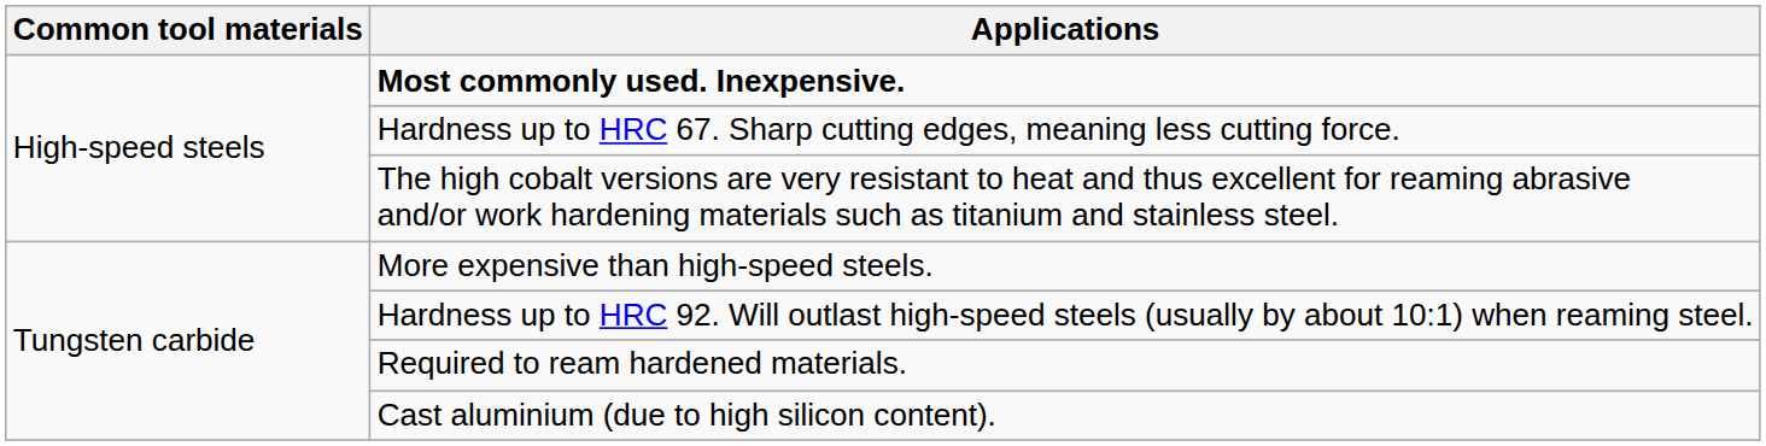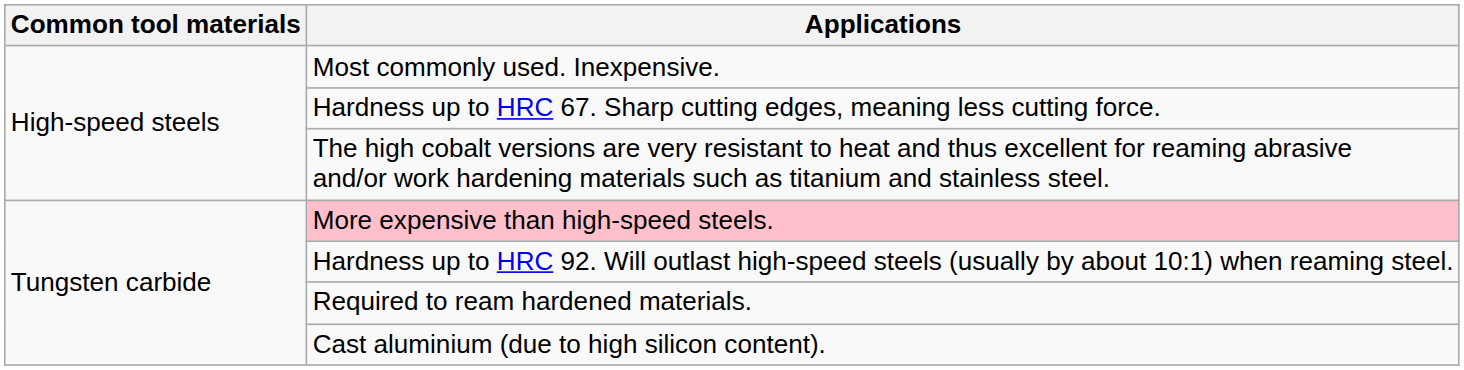 <table class="wikitable">
 <tr>
 <th>Common tool materials</th>
 <th>Applications</th>
 </tr>
 <tr>
 <td rowspan="3">High-speed steels</td>
-<td><strong>Most commonly used. Inexpensive.</strong></td>
+<td>Most commonly used. Inexpensive.</td>
 </tr>
 <tr>
 <td>Hardness up to <a href='#'>HRC</a> 67. Sharp cutting edges, meaning less cutting force.</td>
 </tr>
 <tr>
 <td>The high cobalt versions are very resistant to heat and thus excellent for reaming abrasive<br> and/or work hardening materials such as titanium and stainless steel.</td>
 </tr>
 <tr>
 <td rowspan="4">Tungsten carbide</td>
-<td>More expensive than high-speed steels.</td>
+<td style="background: pink;">More expensive than high-speed steels.</td>
 </tr>
 <tr>
 <td>Hardness up to <a href='#'>HRC</a> 92. Will outlast high-speed steels (usually by about 10:1) when reaming steel.</td>
 </tr>
 <tr>
 <td>Required to ream hardened materials.</td>
 </tr>
 <tr>
 <td>Cast aluminium (due to high silicon content).</td>
 </tr>
 </table>
